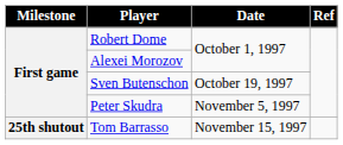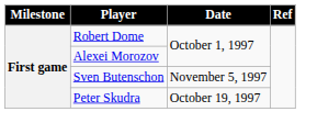 <table class="wikitable">
 <tr>
 <th style="color:white; background:#000000; ">Milestone</th>
 <th style="color:white; background:#000000; ">Player</th>
 <th style="color:white; background:#000000; ">Date</th>
 <th style="color:white; background:#000000; ">Ref</th>
 </tr>
 <tr>
 <th rowspan=4>First game</th>
 <td><a href='#'>Robert Dome</a></td>
 <td rowspan=2>October 1, 1997</td>
 <td rowspan=4></td>
 </tr>
 <tr>
 <td><a href='#'>Alexei Morozov</a></td>
 </tr>
 <tr>
 <td><a href='#'>Sven Butenschon</a></td>
-<td>October 19, 1997</td>
+<td>November 5, 1997</td>
 </tr>
 <tr>
 <td><a href='#'>Peter Skudra</a></td>
-<td>November 5, 1997</td>
-</tr>
-<tr>
-<th>25th shutout</th>
-<td><a href='#'>Tom Barrasso</a></td>
-<td>November 15, 1997</td>
-<td></td>
+<td>October 19, 1997</td>
 </tr>
 </table>
